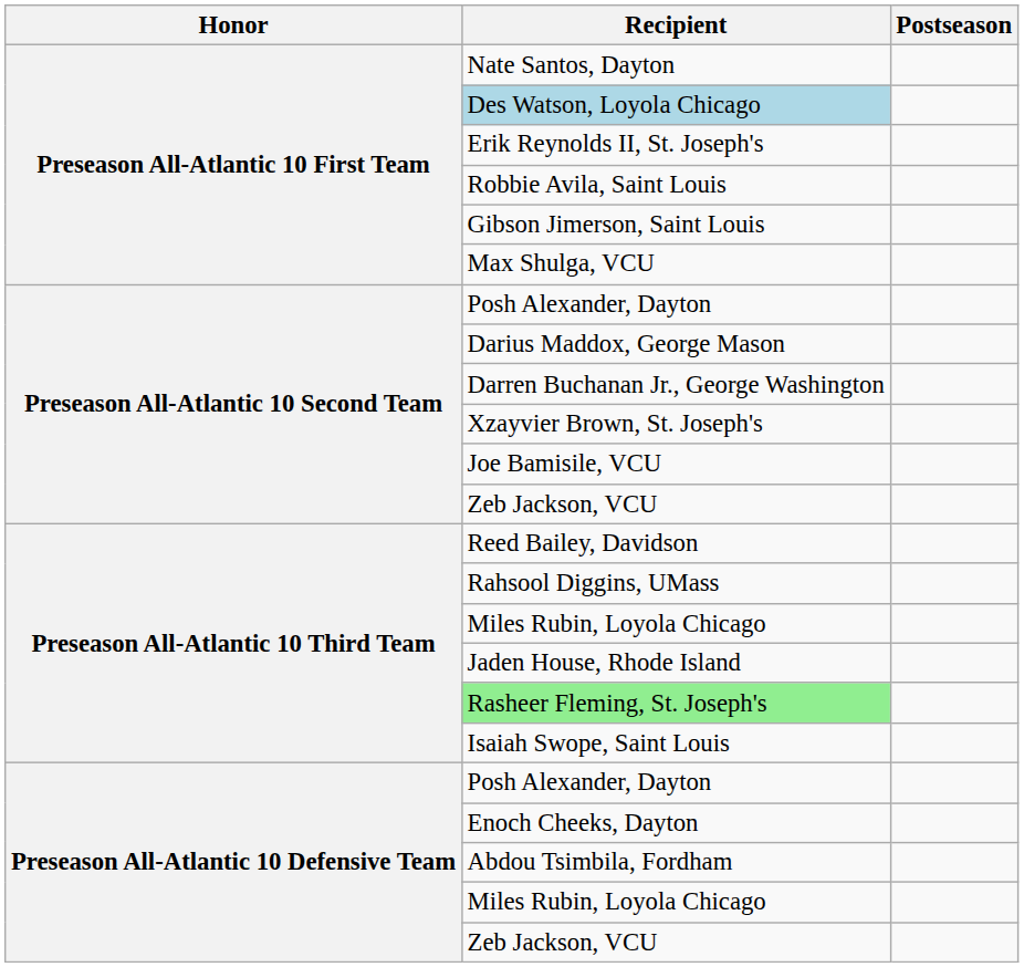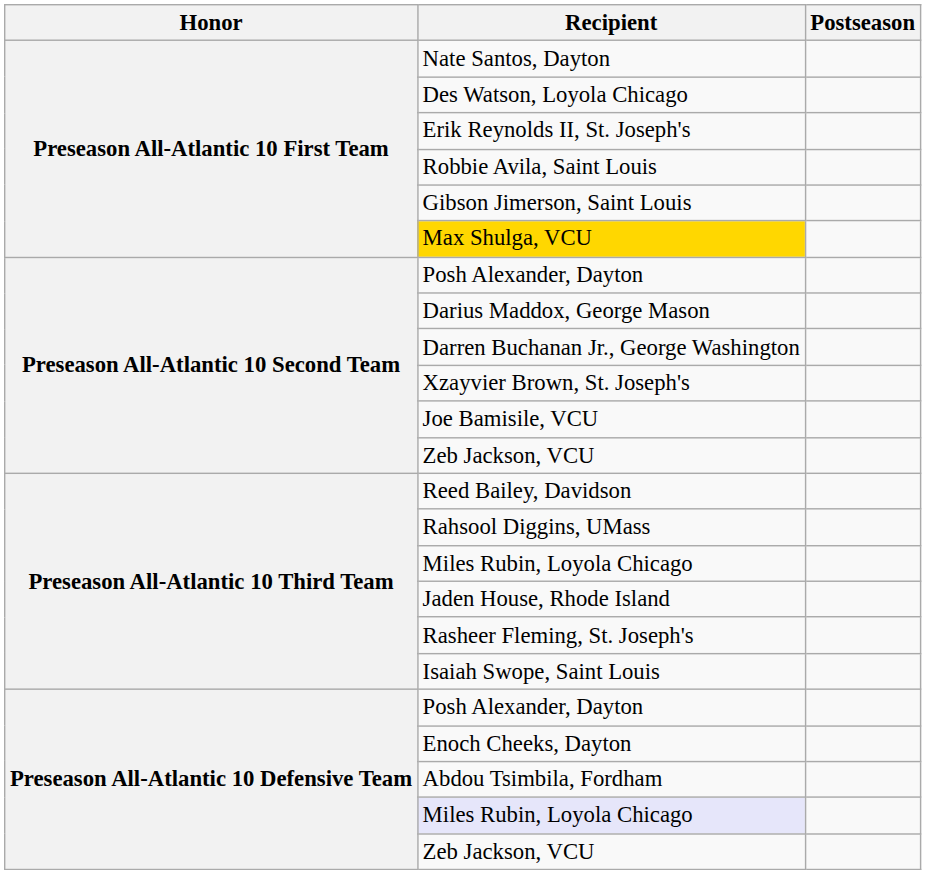 <table class="wikitable">
 <tr>
 <th>Honor</th>
 <th>Recipient</th>
 <th>Postseason</th>
 </tr>
 <tr>
 <th rowspan="6">Preseason All-Atlantic 10 First Team</th>
 <td>Nate Santos, Dayton</td>
 <td></td>
 </tr>
 <tr>
-<td style="background: lightblue;">Des Watson, Loyola Chicago</td>
+<td>Des Watson, Loyola Chicago</td>
 <td></td>
 </tr>
 <tr>
 <td>Erik Reynolds II, St. Joseph's</td>
 <td></td>
 </tr>
 <tr>
 <td>Robbie Avila, Saint Louis</td>
 <td></td>
 </tr>
 <tr>
 <td>Gibson Jimerson, Saint Louis</td>
 <td></td>
 </tr>
 <tr>
-<td>Max Shulga, VCU</td>
+<td style="background: gold;">Max Shulga, VCU</td>
 <td></td>
 </tr>
 <tr>
 <th rowspan="6">Preseason All-Atlantic 10 Second Team</th>
 <td>Posh Alexander, Dayton</td>
 <td></td>
 </tr>
 <tr>
 <td>Darius Maddox, George Mason</td>
 <td></td>
 </tr>
 <tr>
 <td>Darren Buchanan Jr., George Washington</td>
 <td></td>
 </tr>
 <tr>
 <td>Xzayvier Brown, St. Joseph's</td>
 <td></td>
 </tr>
 <tr>
 <td>Joe Bamisile, VCU</td>
 <td></td>
 </tr>
 <tr>
 <td>Zeb Jackson, VCU</td>
 <td></td>
 </tr>
 <tr>
 <th rowspan="6">Preseason All-Atlantic 10 Third Team</th>
 <td>Reed Bailey, Davidson</td>
 <td></td>
 </tr>
 <tr>
 <td>Rahsool Diggins, UMass</td>
 <td></td>
 </tr>
 <tr>
 <td>Miles Rubin, Loyola Chicago</td>
 <td></td>
 </tr>
 <tr>
 <td>Jaden House, Rhode Island</td>
 <td></td>
 </tr>
 <tr>
-<td style="background: lightgreen;">Rasheer Fleming, St. Joseph's</td>
+<td>Rasheer Fleming, St. Joseph's</td>
 <td></td>
 </tr>
 <tr>
 <td>Isaiah Swope, Saint Louis</td>
 <td></td>
 </tr>
 <tr>
 <th rowspan="5">Preseason All-Atlantic 10 Defensive Team</th>
 <td>Posh Alexander, Dayton</td>
 <td></td>
 </tr>
 <tr>
 <td>Enoch Cheeks, Dayton</td>
 <td></td>
 </tr>
 <tr>
 <td>Abdou Tsimbila, Fordham</td>
 <td></td>
 </tr>
 <tr>
-<td>Miles Rubin, Loyola Chicago</td>
+<td style="background: lavender;">Miles Rubin, Loyola Chicago</td>
 <td></td>
 </tr>
 <tr>
 <td>Zeb Jackson, VCU</td>
 <td></td>
 </tr>
 </table>
